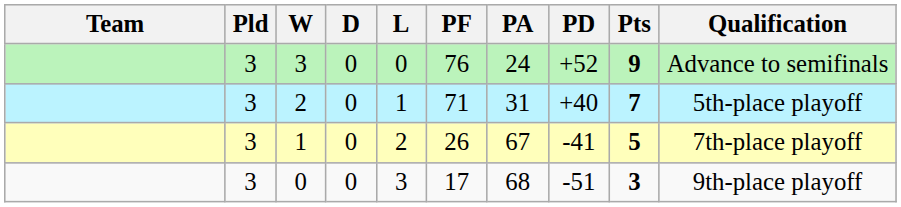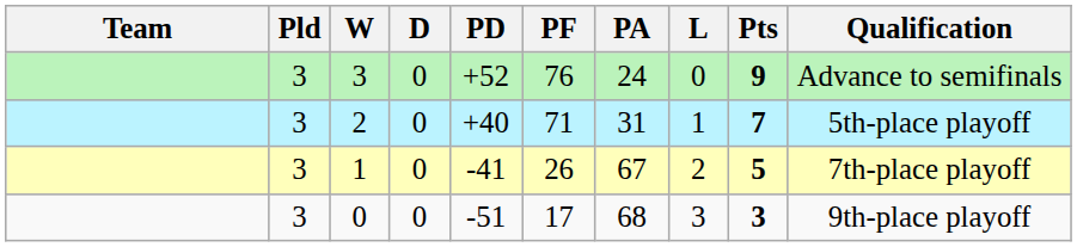 <table class="wikitable" style="text-align:center;">
 <tr>
 <th width=135>Team</th>
 <th width=25 abbr="Played">Pld</th>
 <th width=25 abbr="Won">W</th>
 <th width=25 abbr="Drawn">D</th>
-<th width=25 abbr="Lost">L</th>
+<th width=32 abbr="Points difference">PD</th>
 <th width=32 abbr="Points for">PF</th>
 <th width=32 abbr="Points against">PA</th>
-<th width=32 abbr="Points difference">PD</th>
+<th width=25 abbr="Lost">L</th>
 <th width=25 abbr="Points">Pts</th>
 <th width=145>Qualification</th>
 </tr>
 <tr style="background:#BBF3BB;">
 <td align=left></td>
 <td>3</td>
 <td>3</td>
 <td>0</td>
-<td>0</td>
+<td>+52</td>
 <td>76</td>
 <td>24</td>
-<td>+52</td>
+<td>0</td>
 <td><strong>9</strong></td>
 <td>Advance to semifinals</td>
 </tr>
 <tr style="background:#BBF3FF;">
 <td align=left></td>
 <td>3</td>
 <td>2</td>
 <td>0</td>
-<td>1</td>
+<td>+40</td>
 <td>71</td>
 <td>31</td>
-<td>+40</td>
+<td>1</td>
 <td><strong>7</strong></td>
 <td>5th-place playoff</td>
 </tr>
 <tr style="background:#FFFFBB;">
 <td align=left></td>
 <td>3</td>
 <td>1</td>
 <td>0</td>
-<td>2</td>
+<td>-41</td>
 <td>26</td>
 <td>67</td>
-<td>-41</td>
+<td>2</td>
 <td><strong>5</strong></td>
 <td>7th-place playoff</td>
 </tr>
 <tr>
 <td align=left></td>
 <td>3</td>
 <td>0</td>
 <td>0</td>
-<td>3</td>
+<td>-51</td>
 <td>17</td>
 <td>68</td>
-<td>-51</td>
+<td>3</td>
 <td><strong>3</strong></td>
 <td>9th-place playoff</td>
 </tr>
 </table>
